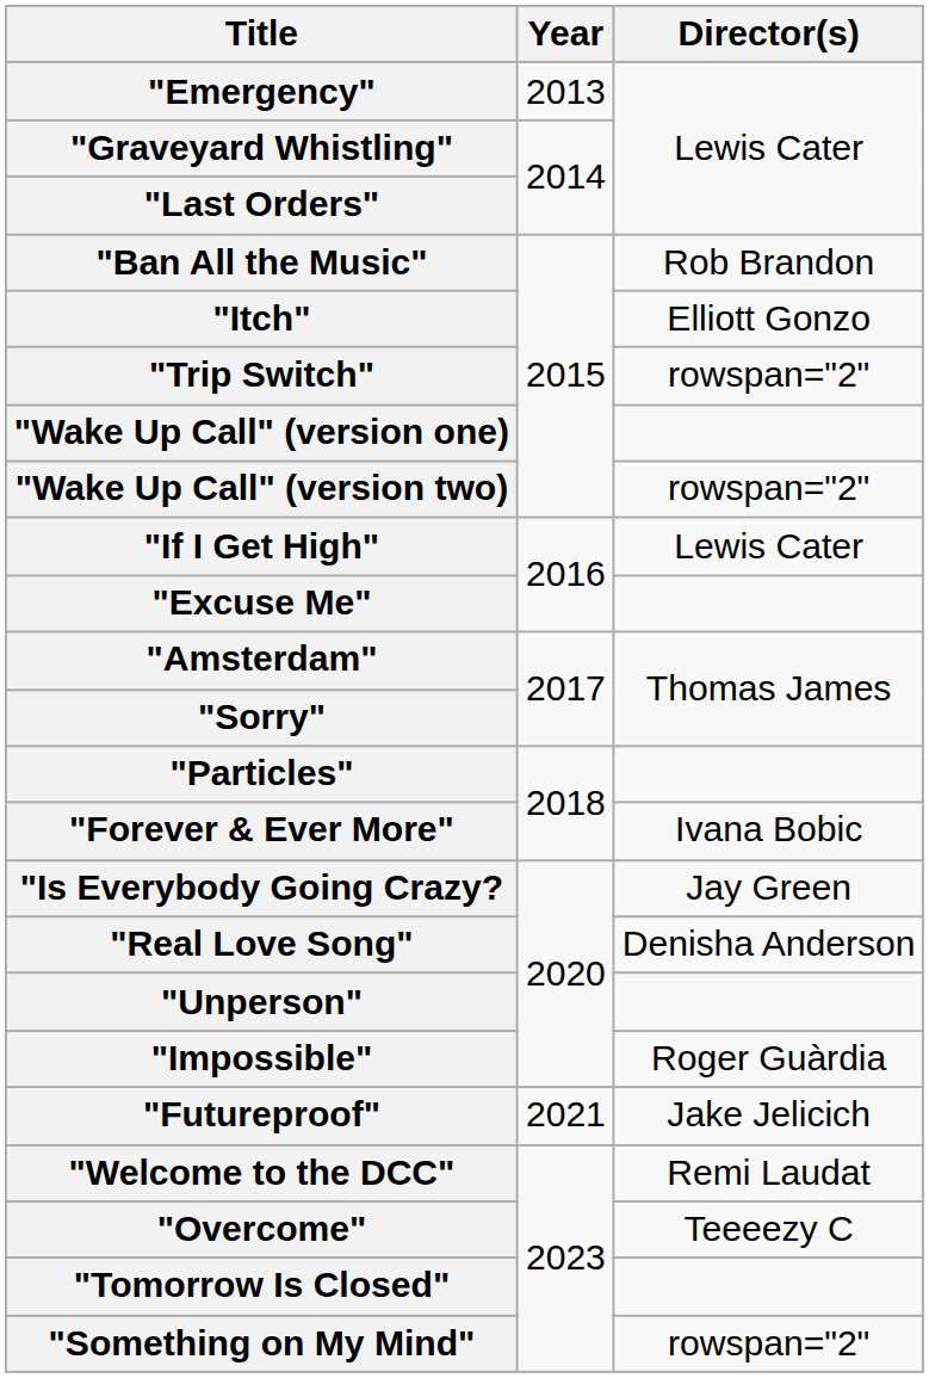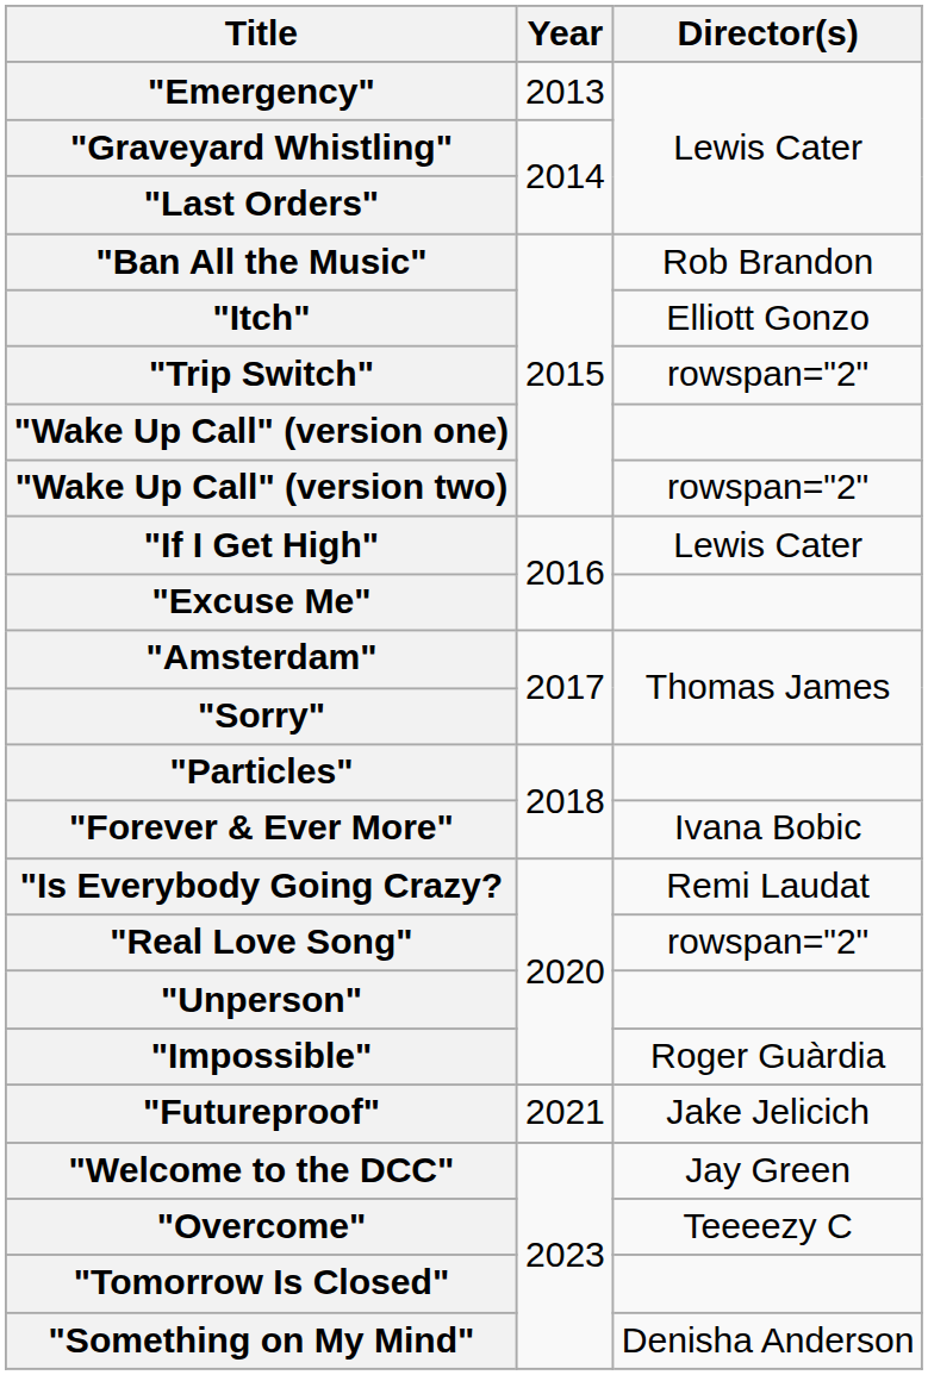 <table class="wikitable plainrowheaders" style="text-align:center;">
 <tr>
 <th scope="col">Title</th>
 <th scope="col">Year</th>
 <th scope="col">Director(s)</th>
 </tr>
 <tr>
 <th scope="row">"Emergency"</th>
 <td>2013</td>
 <td rowspan="3">Lewis Cater</td>
 </tr>
 <tr>
 <th scope="row">"Graveyard Whistling"</th>
 <td rowspan="2">2014</td>
 </tr>
 <tr>
 <th scope="row">"Last Orders"</th>
 </tr>
 <tr>
 <th scope="row">"Ban All the Music"</th>
 <td rowspan="5">2015</td>
 <td>Rob Brandon</td>
 </tr>
 <tr>
 <th scope="row">"Itch"</th>
 <td>Elliott Gonzo</td>
 </tr>
 <tr>
 <th scope="row">"Trip Switch"</th>
 <td>rowspan="2" </td>
 </tr>
 <tr>
 <th scope="row">"Wake Up Call" (version one)</th>
 </tr>
 <tr>
 <th scope="row">"Wake Up Call" (version two)</th>
 <td>rowspan="2" </td>
 </tr>
 <tr>
 <th scope="row">"If I Get High"</th>
 <td rowspan="2">2016</td>
 <td>Lewis Cater</td>
 </tr>
 <tr>
 <th scope="row">"Excuse Me"</th>
 </tr>
 <tr>
 <th scope="row">"Amsterdam"</th>
 <td rowspan="2">2017</td>
 <td rowspan="2">Thomas James</td>
 </tr>
 <tr>
 <th scope="row">"Sorry"</th>
 </tr>
 <tr>
 <th scope="row">"Particles"</th>
 <td rowspan="2">2018</td>
 <td></td>
 </tr>
 <tr>
 <th scope="row">"Forever & Ever More"</th>
 <td>Ivana Bobic</td>
 </tr>
 <tr>
 <th scope="row">"Is Everybody Going Crazy?</th>
 <td rowspan="4">2020</td>
-<td>Jay Green</td>
+<td>Remi Laudat</td>
 </tr>
 <tr>
 <th scope="row">"Real Love Song"</th>
-<td>Denisha Anderson</td>
+<td>rowspan="2" </td>
 </tr>
 <tr>
 <th scope="row">"Unperson"</th>
 </tr>
 <tr>
 <th scope="row">"Impossible"</th>
 <td>Roger Guàrdia</td>
 </tr>
 <tr>
 <th scope="row">"Futureproof"</th>
 <td>2021</td>
 <td>Jake Jelicich</td>
 </tr>
 <tr>
 <th scope="row">"Welcome to the DCC"</th>
 <td rowspan="4">2023</td>
-<td>Remi Laudat</td>
+<td>Jay Green</td>
 </tr>
 <tr>
 <th scope="row">"Overcome"</th>
 <td>Teeeezy C</td>
 </tr>
 <tr>
 <th scope="row">"Tomorrow Is Closed"</th>
 <td></td>
 </tr>
 <tr>
 <th scope="row">"Something on My Mind"</th>
-<td>rowspan="2" </td>
+<td>Denisha Anderson</td>
 </tr>
 </table>
